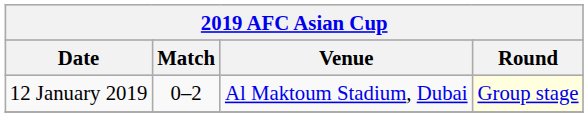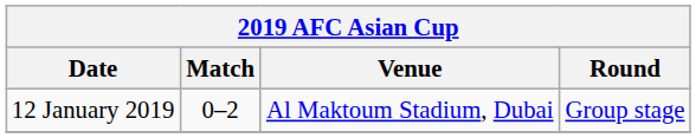 <table class="wikitable" style="margin:1em auto 1em auto; text-align:center; font-size:small;">
 <tr>
 <th colspan="4"><a href='#'>2019 AFC Asian Cup</a></th>
 </tr>
 <tr>
 <th>Date</th>
 <th>Match</th>
 <th>Venue</th>
 <th>Round</th>
 </tr>
 <tr>
 <td>12 January 2019</td>
 <td> 0–2 </td>
 <td><a href='#'>Al Maktoum Stadium</a>, <a href='#'>Dubai</a></td>
-<td style="background: lightyellow;"><a href='#'>Group stage</a></td>
+<td><a href='#'>Group stage</a></td>
 </tr>
 <tr>
 </tr>
 </table>
